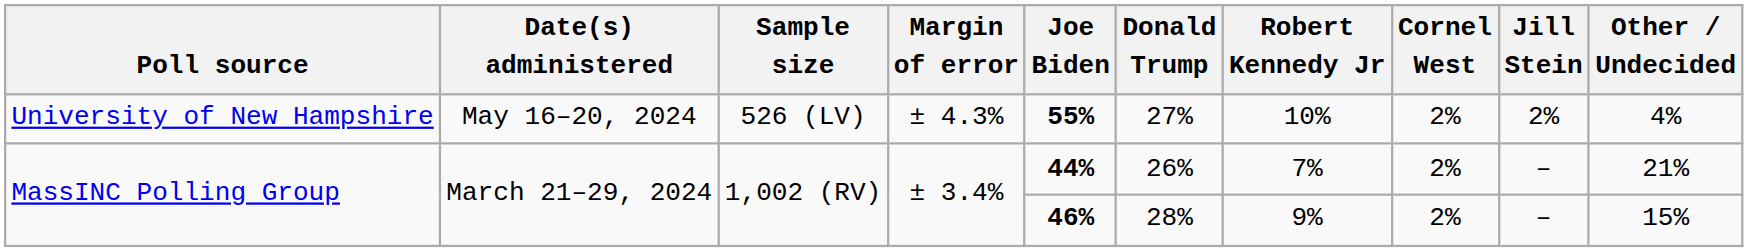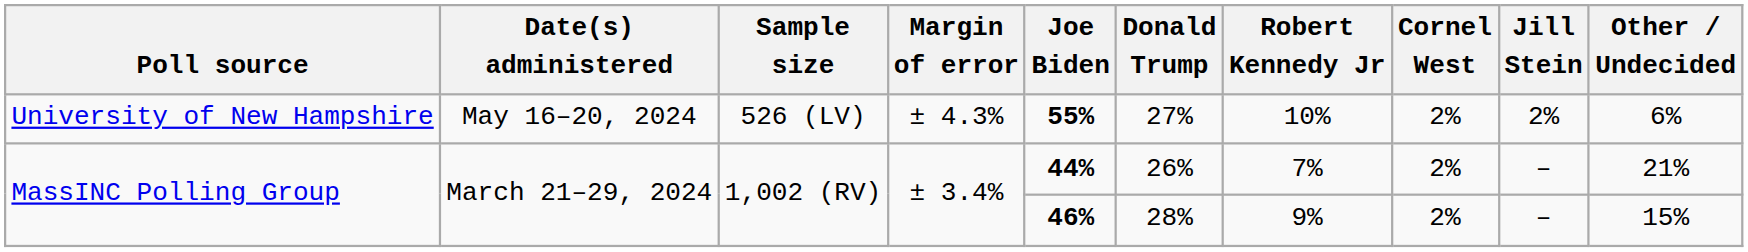 <table class="wikitable sortable mw-datatable" style="font-size:90%;text-align:center;line-height:17px">
 <tr valign=bottom>
 <th>Poll source</th>
 <th>Date(s)<br>administered</th>
 <th>Sample<br>size</th>
 <th>Margin<br>of error</th>
 <th class="unsortable">Joe<br>Biden<br></th>
 <th class="unsortable">Donald<br>Trump<br></th>
 <th class="unsortable">Robert<br>Kennedy Jr<br></th>
 <th class="unsortable">Cornel<br>West<br></th>
 <th class="unsortable">Jill<br>Stein<br></th>
 <th class="unsortable">Other /<br>Undecided</th>
 </tr>
 <tr>
 <td style="text-align:left;"><a href='#'>University of New Hampshire</a></td>
 <td data-sort-value="2024-05-23">May 16–20, 2024</td>
 <td>526 (LV)</td>
 <td>± 4.3%</td>
 <td style="color:black;background-color:"><strong>55%</strong></td>
 <td>27%</td>
 <td>10%</td>
 <td>2%</td>
 <td>2%</td>
-<td>4%</td>
+<td>6%</td>
 </tr>
 <tr>
 <td style="text-align:left;" rowspan="2"><a href='#'>MassINC Polling Group</a></td>
 <td rowspan="2">March 21–29, 2024</td>
 <td rowspan="2">1,002 (RV)</td>
 <td rowspan="2">± 3.4%</td>
 <td style="color:black;background-color:"><strong>44%</strong></td>
 <td>26%</td>
 <td>7%</td>
 <td>2%</td>
 <td>–</td>
 <td>21%</td>
 </tr>
 <tr>
 <td style="color:black;background-color:"><strong>46%</strong></td>
 <td>28%</td>
 <td>9%</td>
 <td>2%</td>
 <td>–</td>
 <td>15%</td>
 </tr>
 </table>
